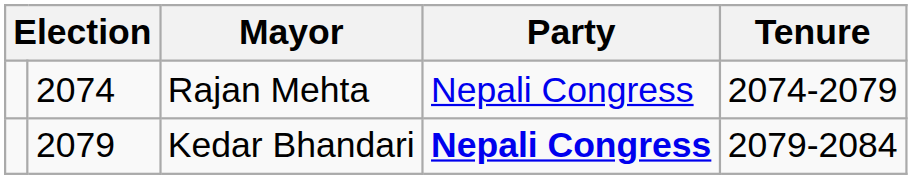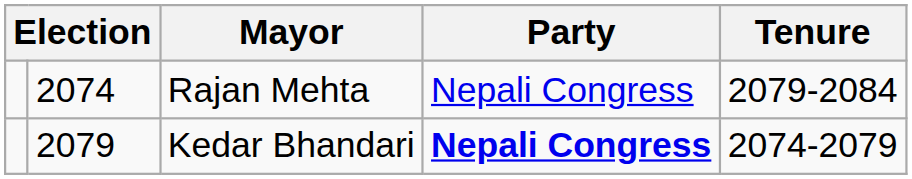 <table class="wikitable">
 <tr>
 <th colspan="2">Election</th>
 <th>Mayor</th>
 <th>Party</th>
 <th>Tenure</th>
 </tr>
 <tr>
 <td style="background-color:"></td>
 <td>2074</td>
 <td>Rajan Mehta</td>
 <td><a href='#'>Nepali Congress</a></td>
-<td>2074-2079</td>
+<td>2079-2084</td>
 </tr>
 <tr>
 <td style="background-color:"></td>
 <td>2079</td>
 <td>Kedar Bhandari</td>
 <td><strong><a href='#'>Nepali Congress</a></strong></td>
-<td>2079-2084</td>
+<td>2074-2079</td>
 </tr>
 </table>
